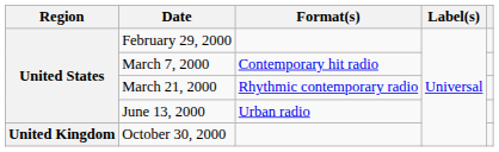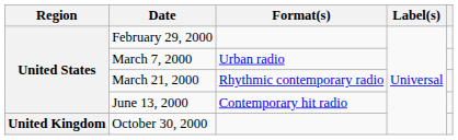 <table class="wikitable plainrowheaders">
 <tr>
 <th scope="col">Region</th>
 <th scope="col">Date</th>
 <th scope="col">Format(s)</th>
 <th scope="col">Label(s)</th>
 <th scope="col"></th>
 </tr>
 <tr>
 <th scope="row" rowspan="4">United States</th>
 <td>February 29, 2000</td>
 <td></td>
 <td rowspan="5"><a href='#'>Universal</a></td>
 <td align="center"></td>
 </tr>
 <tr>
 <td>March 7, 2000</td>
-<td><a href='#'>Contemporary hit radio</a></td>
+<td><a href='#'>Urban radio</a></td>
 <td align="center"></td>
 </tr>
 <tr>
 <td>March 21, 2000</td>
 <td><a href='#'>Rhythmic contemporary radio</a></td>
 <td align="center"></td>
 </tr>
 <tr>
 <td>June 13, 2000</td>
-<td><a href='#'>Urban radio</a></td>
+<td><a href='#'>Contemporary hit radio</a></td>
 <td align="center"></td>
 </tr>
 <tr>
 <th scope="row">United Kingdom</th>
 <td>October 30, 2000</td>
 <td></td>
 <td align="center"></td>
 </tr>
 </table>
